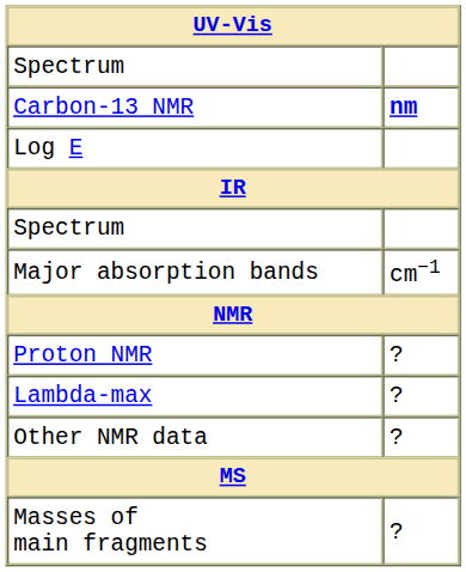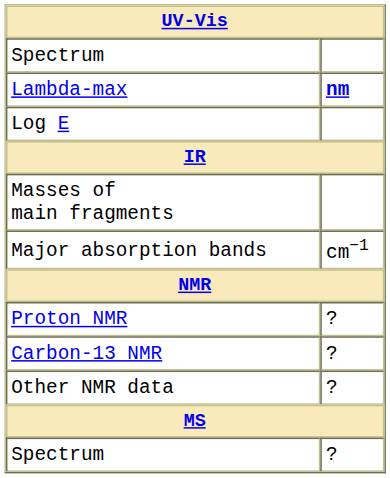 <table border="1" cellspacing="0" cellpadding="3" style="margin: 0 0 0 0.5em; background: #FFFFFF; border-color: #C0C090;">
 <tr>
 <th width="85%" align="center" cellspacing="3" style="font-size:95%; border: 1px solid #C0C090; background-color: #F8EABA; margin-bottom: 3px;" colspan="2"><a href='#'>UV-Vis</a></th>
 </tr>
 <tr>
 <td>Spectrum</td>
 <td></td>
 </tr>
 <tr>
-<td><a href='#'>Carbon-13 NMR</a> </td>
+<td><a href='#'>Lambda-max</a></td>
 <td><strong><a href='#'>nm</a></strong></td>
 </tr>
 <tr>
 <td>Log <a href='#'>Ε</a></td>
 <td></td>
 </tr>
 <tr>
 <th width="85%" align="center" cellspacing="3" style="font-size:95%; border: 1px solid #C0C090; background-color: #F8EABA; margin-bottom: 3px;" colspan="2"><a href='#'>IR</a></th>
 </tr>
 <tr>
-<td>Spectrum</td>
+<td>Masses of <br>main fragments</td>
 <td></td>
 </tr>
 <tr>
 <td>Major absorption bands</td>
 <td>cm<sup>−1</sup></td>
 </tr>
 <tr>
 <th width="85%" align="center" cellspacing="3" style="font-size:95%; border: 1px solid #C0C090; background-color: #F8EABA; margin-bottom: 3px;" colspan="2"><a href='#'>NMR</a></th>
 </tr>
 <tr>
 <td><a href='#'>Proton NMR</a> </td>
 <td>?</td>
 </tr>
 <tr>
-<td><a href='#'>Lambda-max</a></td>
+<td><a href='#'>Carbon-13 NMR</a> </td>
 <td>?</td>
 </tr>
 <tr>
 <td>Other NMR data </td>
 <td>?</td>
 </tr>
 <tr>
 <th width="85%" align="center" cellspacing="3" style="font-size:95%; border: 1px solid #C0C090; background-color: #F8EABA; margin-bottom: 3px;" colspan="2"><a href='#'>MS</a></th>
 </tr>
 <tr>
-<td>Masses of <br>main fragments</td>
+<td>Spectrum</td>
 <td>? </td>
 </tr>
 </table>
